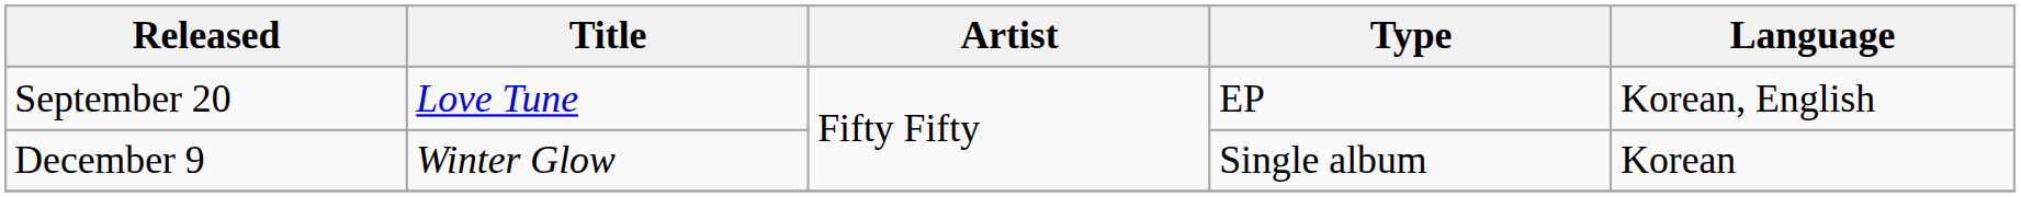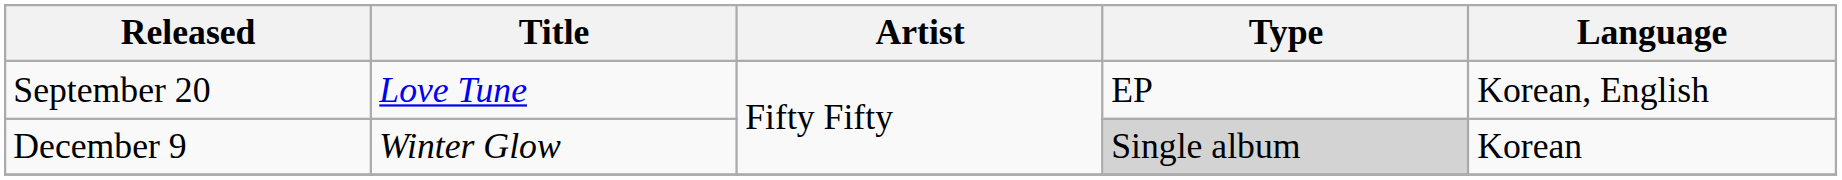 <table class="wikitable sortable" align="left center" style="width:65%;">
 <tr>
 <th style="width:20%;">Released</th>
 <th style="width:20%;">Title</th>
 <th style="width:20%;">Artist</th>
 <th style="width:20%;">Type</th>
 <th style="width:20%;">Language</th>
 </tr>
 <tr>
 <td>September 20</td>
 <td><em><a href='#'>Love Tune</a></em></td>
 <td rowspan="2">Fifty Fifty</td>
 <td>EP</td>
 <td>Korean, English</td>
 </tr>
 <tr>
 <td>December 9</td>
 <td><em>Winter Glow</em></td>
-<td>Single album</td>
+<td style="background: lightgrey;">Single album</td>
 <td>Korean</td>
 </tr>
 <tr>
 </tr>
 </table>
